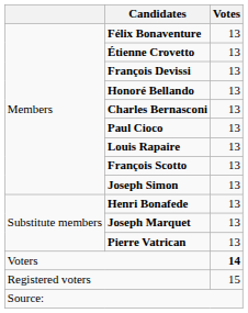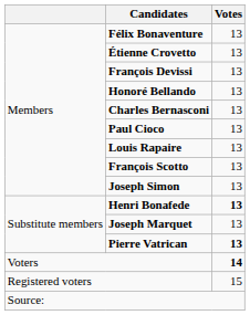 <table class="wikitable" style="text-align:right">
 <tr>
 <th></th>
 <th>Candidates</th>
 <th>Votes</th>
 </tr>
 <tr>
 <td rowspan="9" align="left">Members</td>
 <td align="left"><strong>Félix Bonaventure</strong></td>
 <td>13</td>
 </tr>
 <tr>
 <td align="left"><strong>Étienne Crovetto</strong></td>
 <td>13</td>
 </tr>
 <tr>
 <td align="left"><strong>François Devissi</strong></td>
 <td>13</td>
 </tr>
 <tr>
 <td align="left"><strong>Honoré Bellando</strong></td>
 <td>13</td>
 </tr>
 <tr>
 <td align="left"><strong>Charles Bernasconi</strong></td>
 <td>13</td>
 </tr>
 <tr>
 <td align="left"><strong>Paul Cioco</strong></td>
 <td>13</td>
 </tr>
 <tr>
 <td align="left"><strong>Louis Rapaire</strong></td>
 <td>13</td>
 </tr>
 <tr>
 <td align="left"><strong>François Scotto</strong></td>
 <td>13</td>
 </tr>
 <tr>
 <td align="left"><strong>Joseph Simon</strong></td>
 <td>13</td>
 </tr>
 <tr>
 <td rowspan="3" align="left">Substitute members</td>
 <td align="left"><strong>Henri Bonafede</strong></td>
-<td>13</td>
+<td><strong>13</strong></td>
 </tr>
 <tr>
 <td align="left"><strong>Joseph Marquet</strong></td>
 <td>13</td>
 </tr>
 <tr>
 <td align="left"><strong>Pierre Vatrican</strong></td>
-<td>13</td>
+<td><strong>13</strong></td>
 </tr>
 <tr>
 <td colspan="2" align="left">Voters</td>
 <td><strong>14</strong></td>
 </tr>
 <tr>
 <td colspan="2" align="left">Registered voters</td>
 <td>15</td>
 </tr>
 <tr>
 <td colspan="3" align="left">Source:</td>
 </tr>
 </table>
